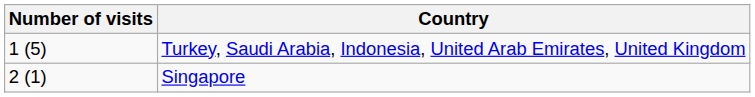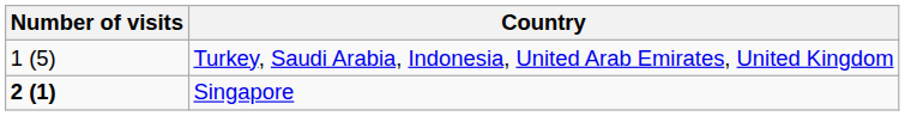 <table class="wikitable">
 <tr>
 <th>Number of visits</th>
 <th>Country</th>
 </tr>
 <tr>
 <td>1 (5)</td>
 <td><a href='#'>Turkey</a>, <a href='#'>Saudi Arabia</a>, <a href='#'>Indonesia</a>, <a href='#'>United Arab Emirates</a>, <a href='#'>United Kingdom</a></td>
 </tr>
 <tr>
-<td>2 (1)</td>
+<td><strong>2 (1)</strong></td>
 <td><a href='#'>Singapore</a></td>
 </tr>
 </table>
